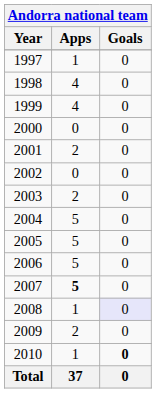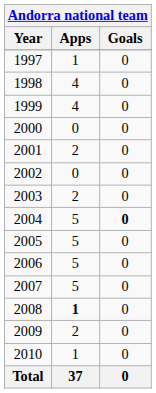 <table class="wikitable" style="text-align:center">
 <tr>
 <th colspan=3><a href='#'>Andorra national team</a></th>
 </tr>
 <tr>
 <th>Year</th>
 <th>Apps</th>
 <th>Goals</th>
 </tr>
 <tr>
 </tr>
 <tr>
 <td>1997</td>
 <td>1</td>
 <td>0</td>
 </tr>
 <tr>
 <td>1998</td>
 <td>4</td>
 <td>0</td>
 </tr>
 <tr>
 <td>1999</td>
 <td>4</td>
 <td>0</td>
 </tr>
 <tr>
 <td>2000</td>
 <td>0</td>
 <td>0</td>
 </tr>
 <tr>
 <td>2001</td>
 <td>2</td>
 <td>0</td>
 </tr>
 <tr>
 <td>2002</td>
 <td>0</td>
 <td>0</td>
 </tr>
 <tr>
 <td>2003</td>
 <td>2</td>
 <td>0</td>
 </tr>
 <tr>
 <td>2004</td>
 <td>5</td>
-<td>0</td>
+<td><strong>0</strong></td>
 </tr>
 <tr>
 <td>2005</td>
 <td>5</td>
 <td>0</td>
 </tr>
 <tr>
 <td>2006</td>
 <td>5</td>
 <td>0</td>
 </tr>
 <tr>
 <td>2007</td>
-<td><strong>5</strong></td>
+<td>5</td>
 <td>0</td>
 </tr>
 <tr>
 <td>2008</td>
-<td>1</td>
-<td style="background: lavender;">0</td>
+<td><strong>1</strong></td>
+<td>0</td>
 </tr>
 <tr>
 <td>2009</td>
 <td>2</td>
 <td>0</td>
 </tr>
 <tr>
 <td>2010</td>
 <td>1</td>
-<td><strong>0</strong></td>
+<td>0</td>
 </tr>
 <tr>
 <th>Total</th>
 <th>37</th>
 <th>0</th>
 </tr>
 </table>
